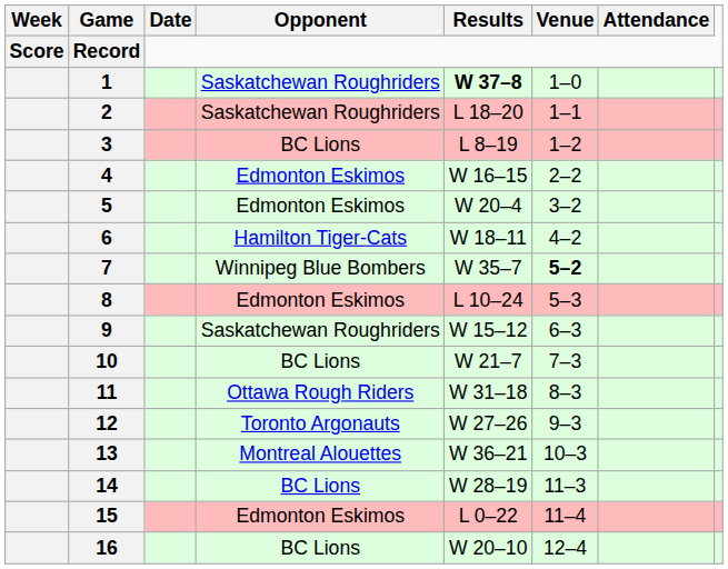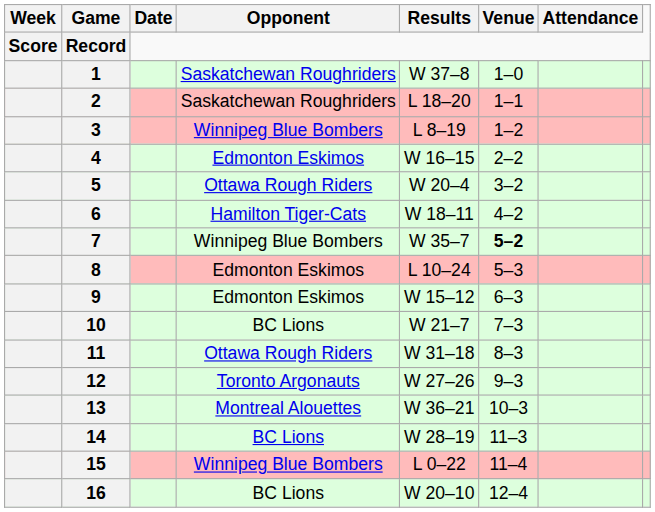 <table class="wikitable" style="text-align:center">
 <tr>
 <th>Week</th>
 <th>Game</th>
 <th>Date</th>
 <th>Opponent</th>
 <th>Results</th>
 <th>Venue</th>
 <th>Attendance</th>
 </tr>
 <tr>
 <th>Score</th>
 <th>Record</th>
 </tr>
 <tr style="background:#ddffdd">
 <th></th>
 <th>1</th>
 <td></td>
 <td><a href='#'>Saskatchewan Roughriders</a></td>
-<td><strong>W 37–8</strong></td>
+<td>W 37–8</td>
 <td>1–0</td>
 <td></td>
 <td></td>
 </tr>
 <tr style="background:#ffbbbb">
 <th></th>
 <th>2</th>
 <td></td>
 <td>Saskatchewan Roughriders</td>
 <td>L 18–20</td>
 <td>1–1</td>
 <td></td>
 <td></td>
 </tr>
 <tr style="background:#ffbbbb">
 <th></th>
 <th>3</th>
 <td></td>
-<td>BC Lions</td>
+<td><a href='#'>Winnipeg Blue Bombers</a></td>
 <td>L 8–19</td>
 <td>1–2</td>
 <td></td>
 <td></td>
 </tr>
 <tr style="background:#ddffdd">
 <th></th>
 <th>4</th>
 <td></td>
 <td><a href='#'>Edmonton Eskimos</a></td>
 <td>W 16–15</td>
 <td>2–2</td>
 <td></td>
 <td></td>
 </tr>
 <tr style="background:#ddffdd">
 <th></th>
 <th>5</th>
 <td></td>
-<td>Edmonton Eskimos</td>
+<td><a href='#'>Ottawa Rough Riders</a></td>
 <td>W 20–4</td>
 <td>3–2</td>
 <td></td>
 <td></td>
 </tr>
 <tr style="background:#ddffdd">
 <th></th>
 <th>6</th>
 <td></td>
 <td><a href='#'>Hamilton Tiger-Cats</a></td>
 <td>W 18–11</td>
 <td>4–2</td>
 <td></td>
 <td></td>
 </tr>
 <tr style="background:#ddffdd">
 <th></th>
 <th>7</th>
 <td></td>
 <td>Winnipeg Blue Bombers</td>
 <td>W 35–7</td>
 <td><strong>5–2</strong></td>
 <td></td>
 <td></td>
 </tr>
 <tr style="background:#ffbbbb">
 <th></th>
 <th>8</th>
 <td></td>
 <td>Edmonton Eskimos</td>
 <td>L 10–24</td>
 <td>5–3</td>
 <td></td>
 <td></td>
 </tr>
 <tr style="background:#ddffdd">
 <th></th>
 <th>9</th>
 <td></td>
-<td>Saskatchewan Roughriders</td>
+<td>Edmonton Eskimos</td>
 <td>W 15–12</td>
 <td>6–3</td>
 <td></td>
 <td></td>
 </tr>
 <tr style="background:#ddffdd">
 <th></th>
 <th>10</th>
 <td></td>
 <td>BC Lions</td>
 <td>W 21–7</td>
 <td>7–3</td>
 <td></td>
 <td></td>
 </tr>
 <tr style="background:#ddffdd">
 <th></th>
 <th>11</th>
 <td></td>
 <td><a href='#'>Ottawa Rough Riders</a></td>
 <td>W 31–18</td>
 <td>8–3</td>
 <td></td>
 <td></td>
 </tr>
 <tr style="background:#ddffdd">
 <th></th>
 <th>12</th>
 <td></td>
 <td><a href='#'>Toronto Argonauts</a></td>
 <td>W 27–26</td>
 <td>9–3</td>
 <td></td>
 <td></td>
 </tr>
 <tr style="background:#ddffdd">
 <th></th>
 <th>13</th>
 <td></td>
 <td><a href='#'>Montreal Alouettes</a></td>
 <td>W 36–21</td>
 <td>10–3</td>
 <td></td>
 <td></td>
 </tr>
 <tr style="background:#ddffdd">
 <th></th>
 <th>14</th>
 <td></td>
 <td><a href='#'>BC Lions</a></td>
 <td>W 28–19</td>
 <td>11–3</td>
 <td></td>
 <td></td>
 </tr>
 <tr style="background:#ffbbbb">
 <th></th>
 <th>15</th>
 <td></td>
-<td>Edmonton Eskimos</td>
+<td><a href='#'>Winnipeg Blue Bombers</a></td>
 <td>L 0–22</td>
 <td>11–4</td>
 <td></td>
 <td></td>
 </tr>
 <tr style="background:#ddffdd">
 <th></th>
 <th>16</th>
 <td></td>
 <td>BC Lions</td>
 <td>W 20–10</td>
 <td>12–4</td>
 <td></td>
 <td></td>
 </tr>
 </table>
